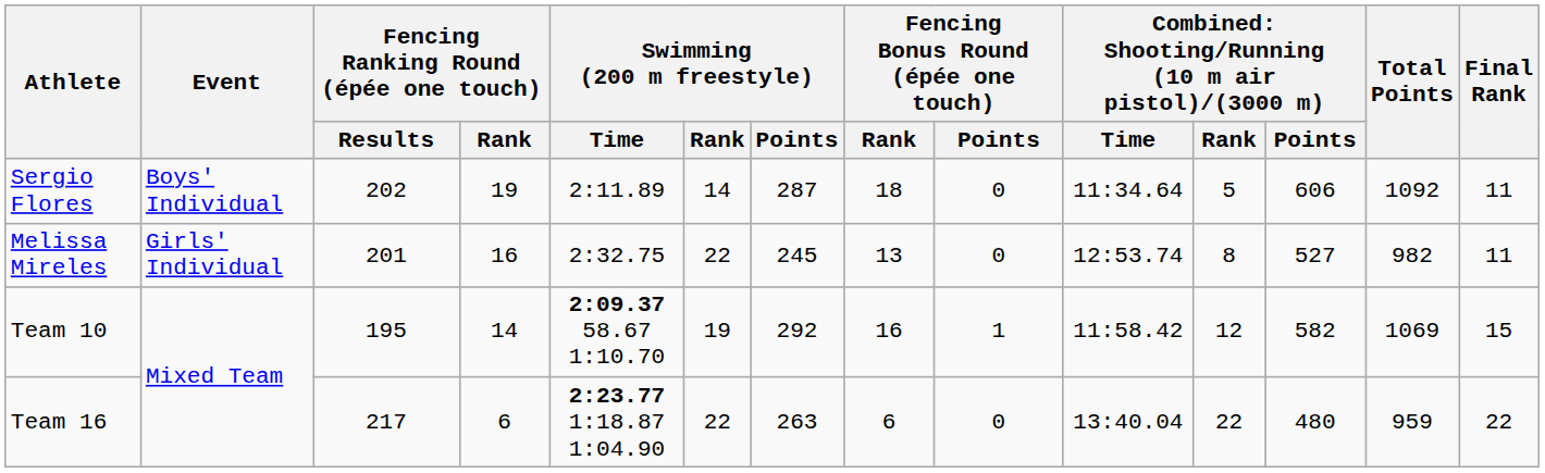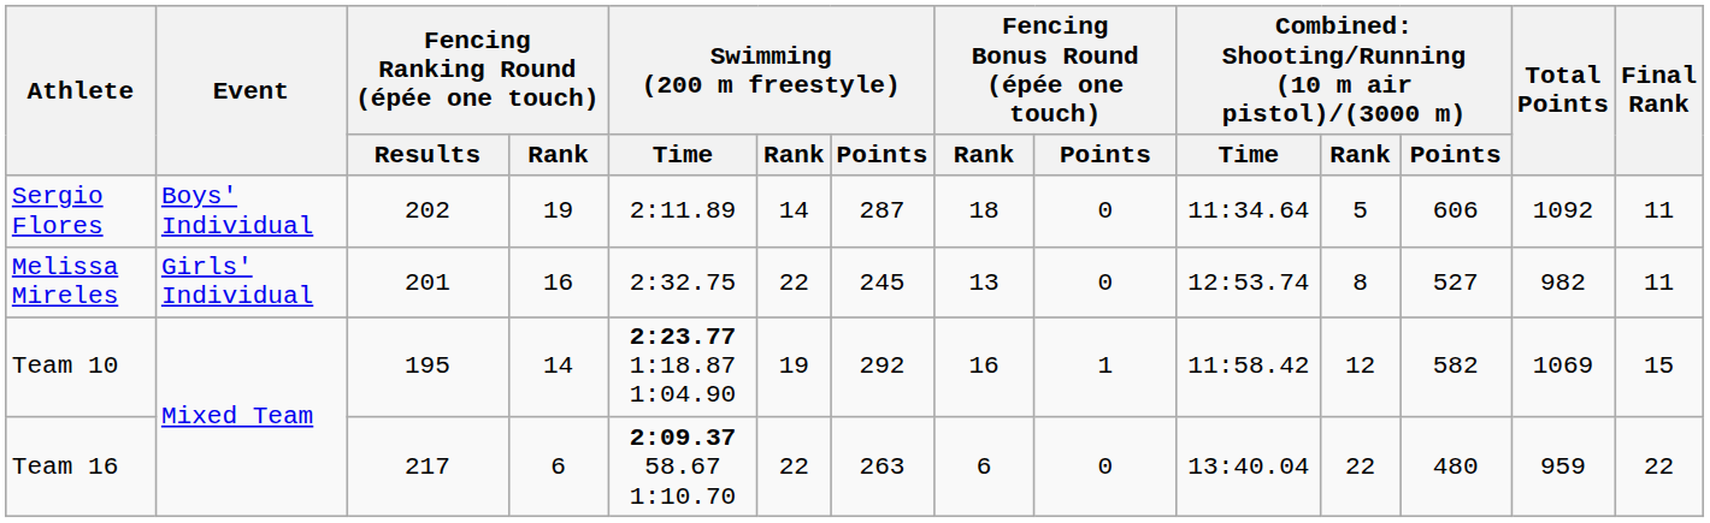 <table class="wikitable">
 <tr>
 <th rowspan="2">Athlete</th>
 <th rowspan="2">Event</th>
 <th colspan="2">Fencing<br>Ranking Round (épée one touch)</th>
 <th colspan="3">Swimming<br>(200 m freestyle)</th>
 <th colspan="2">Fencing<br>Bonus Round (épée one touch)</th>
 <th colspan="3">Combined: Shooting/Running<br>(10 m air pistol)/(3000 m)</th>
 <th rowspan="2">Total<br>Points</th>
 <th rowspan="2">Final<br>Rank</th>
 </tr>
 <tr>
 <th>Results</th>
 <th>Rank</th>
 <th>Time</th>
 <th>Rank</th>
 <th>Points</th>
 <th>Rank</th>
 <th>Points</th>
 <th>Time</th>
 <th>Rank</th>
 <th>Points</th>
 </tr>
 <tr align="center">
 <td align="left"><a href='#'>Sergio Flores</a></td>
 <td align="left"><a href='#'>Boys' Individual</a></td>
 <td>202</td>
 <td>19</td>
 <td>2:11.89</td>
 <td>14</td>
 <td>287</td>
 <td>18</td>
 <td>0</td>
 <td>11:34.64</td>
 <td>5</td>
 <td>606</td>
 <td>1092</td>
 <td>11</td>
 </tr>
 <tr align="center">
 <td align="left"><a href='#'>Melissa Mireles</a></td>
 <td align="left"><a href='#'>Girls' Individual</a></td>
 <td>201</td>
 <td>16</td>
 <td>2:32.75</td>
 <td>22</td>
 <td>245</td>
 <td>13</td>
 <td>0</td>
 <td>12:53.74</td>
 <td>8</td>
 <td>527</td>
 <td>982</td>
 <td>11</td>
 </tr>
 <tr align="center">
 <td align="left">Team 10<br> <strong></strong></td>
 <td rowspan="2" align="left"><a href='#'>Mixed Team</a></td>
 <td>195</td>
 <td>14</td>
-<td><strong>2:09.37</strong><br>58.67<br>1:10.70</td>
+<td><strong>2:23.77</strong><br>1:18.87 1:04.90</td>
 <td>19</td>
 <td>292</td>
 <td>16</td>
 <td>1</td>
 <td>11:58.42</td>
 <td>12</td>
 <td>582</td>
 <td>1069</td>
 <td>15</td>
 </tr>
 <tr align="center">
 <td align="left">Team 16<br> </td>
 <td>217</td>
 <td>6</td>
-<td><strong>2:23.77</strong><br>1:18.87 1:04.90</td>
+<td><strong>2:09.37</strong><br>58.67<br>1:10.70</td>
 <td>22</td>
 <td>263</td>
 <td>6</td>
 <td>0</td>
 <td>13:40.04</td>
 <td>22</td>
 <td>480</td>
 <td>959</td>
 <td>22</td>
 </tr>
 </table>
